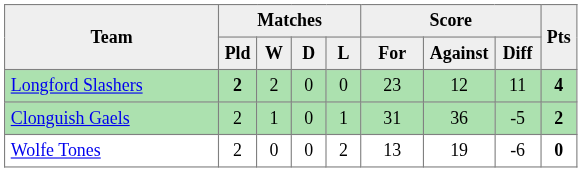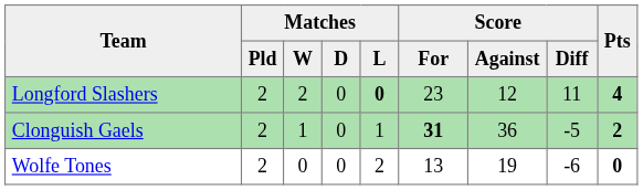 <table style="border-collapse:collapse" border="1" cellspacing="0" cellpadding="5">
 <tr align="center" bgcolor="#efefef">
 <th rowspan="2" width="180">Team</th>
 <th colspan="4">Matches</th>
 <th colspan="3">Score</th>
 <th rowspan=2width=20>Pts</th>
 </tr>
 <tr align="center" bgcolor="#efefef">
 <th width="20">Pld</th>
 <th width="20">W</th>
 <th width="20">D</th>
 <th width="20">L</th>
 <th width="45">For</th>
 <th width="45">Against</th>
 <th width="30">Diff</th>
 </tr>
 <tr align="center" style="background:#ACE1AF;">
 <td style="text-align:left;"> <a href='#'>Longford Slashers</a></td>
-<td><strong>2</strong></td>
+<td>2</td>
 <td>2</td>
 <td>0</td>
-<td>0</td>
+<td><strong>0</strong></td>
 <td>23</td>
 <td>12</td>
 <td>11</td>
 <td><strong>4</strong></td>
 </tr>
 <tr align="center" style="background:#ACE1AF;">
 <td style="text-align:left;"> <a href='#'>Clonguish Gaels</a></td>
 <td>2</td>
 <td>1</td>
 <td>0</td>
 <td>1</td>
-<td>31</td>
+<td><strong>31</strong></td>
 <td>36</td>
 <td>-5</td>
 <td><strong>2</strong></td>
 </tr>
 <tr align="center" style=>
 <td style="text-align:left;"> <a href='#'>Wolfe Tones</a></td>
 <td>2</td>
 <td>0</td>
 <td>0</td>
 <td>2</td>
 <td>13</td>
 <td>19</td>
 <td>-6</td>
 <td><strong>0</strong></td>
 </tr>
 </table>
